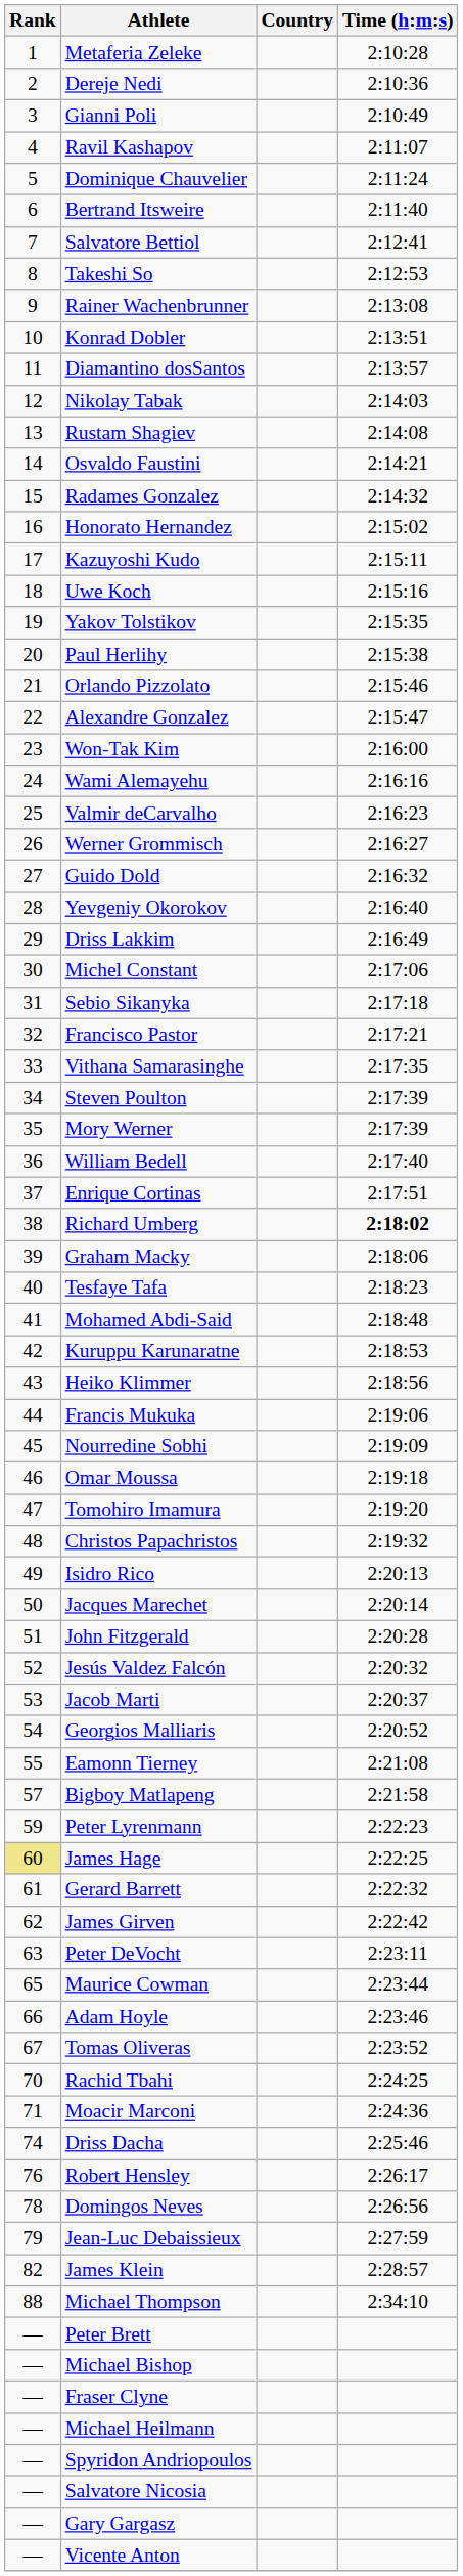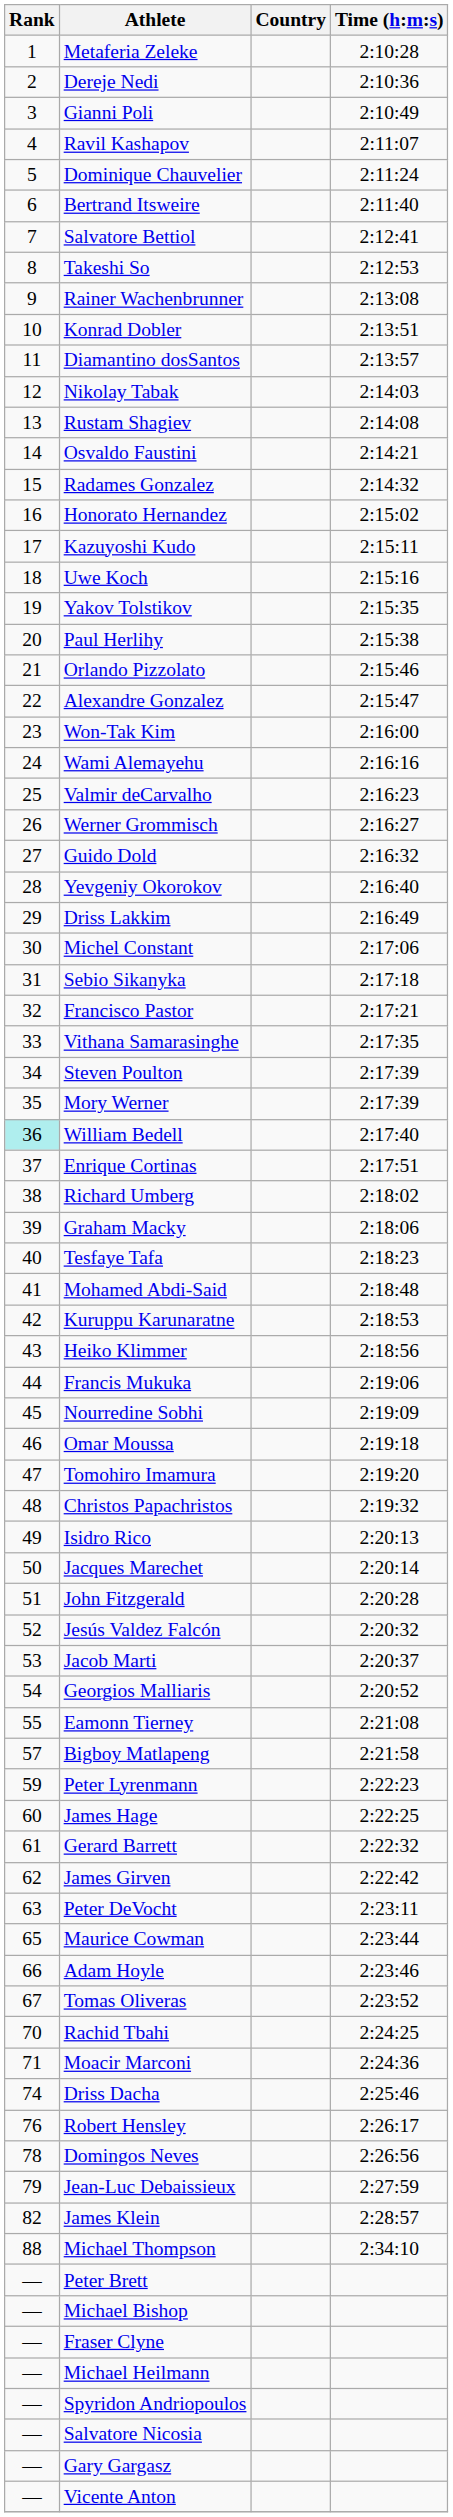 <table class="wikitable sortable" style="text-align:center;">
 <tr>
 <th>Rank</th>
 <th>Athlete</th>
 <th>Country</th>
 <th>Time (<a href='#'>h</a>:<a href='#'>m</a>:<a href='#'>s</a>)</th>
 </tr>
 <tr>
 <td>1</td>
 <td align=left><a href='#'>Metaferia Zeleke</a></td>
 <td align=left></td>
 <td>2:10:28</td>
 </tr>
 <tr>
 <td>2</td>
 <td align=left><a href='#'>Dereje Nedi</a></td>
 <td align=left></td>
 <td>2:10:36</td>
 </tr>
 <tr>
 <td>3</td>
 <td align=left><a href='#'>Gianni Poli</a></td>
 <td align=left></td>
 <td>2:10:49</td>
 </tr>
 <tr>
 <td>4</td>
 <td align=left><a href='#'>Ravil Kashapov</a></td>
 <td align=left></td>
 <td>2:11:07</td>
 </tr>
 <tr>
 <td>5</td>
 <td align=left><a href='#'>Dominique Chauvelier</a></td>
 <td align=left></td>
 <td>2:11:24</td>
 </tr>
 <tr>
 <td>6</td>
 <td align=left><a href='#'>Bertrand Itsweire</a></td>
 <td align=left></td>
 <td>2:11:40</td>
 </tr>
 <tr>
 <td>7</td>
 <td align=left><a href='#'>Salvatore Bettiol</a></td>
 <td align=left></td>
 <td>2:12:41</td>
 </tr>
 <tr>
 <td>8</td>
 <td align=left><a href='#'>Takeshi So</a></td>
 <td align=left></td>
 <td>2:12:53</td>
 </tr>
 <tr>
 <td>9</td>
 <td align=left><a href='#'>Rainer Wachenbrunner</a></td>
 <td align=left></td>
 <td>2:13:08</td>
 </tr>
 <tr>
 <td>10</td>
 <td align=left><a href='#'>Konrad Dobler</a></td>
 <td align=left></td>
 <td>2:13:51</td>
 </tr>
 <tr>
 <td>11</td>
 <td align=left><a href='#'>Diamantino dosSantos</a></td>
 <td align=left></td>
 <td>2:13:57</td>
 </tr>
 <tr>
 <td>12</td>
 <td align=left><a href='#'>Nikolay Tabak</a></td>
 <td align=left></td>
 <td>2:14:03</td>
 </tr>
 <tr>
 <td>13</td>
 <td align=left><a href='#'>Rustam Shagiev</a></td>
 <td align=left></td>
 <td>2:14:08</td>
 </tr>
 <tr>
 <td>14</td>
 <td align=left><a href='#'>Osvaldo Faustini</a></td>
 <td align=left></td>
 <td>2:14:21</td>
 </tr>
 <tr>
 <td>15</td>
 <td align=left><a href='#'>Radames Gonzalez</a></td>
 <td align=left></td>
 <td>2:14:32</td>
 </tr>
 <tr>
 <td>16</td>
 <td align=left><a href='#'>Honorato Hernandez</a></td>
 <td align=left></td>
 <td>2:15:02</td>
 </tr>
 <tr>
 <td>17</td>
 <td align=left><a href='#'>Kazuyoshi Kudo</a></td>
 <td align=left></td>
 <td>2:15:11</td>
 </tr>
 <tr>
 <td>18</td>
 <td align=left><a href='#'>Uwe Koch</a></td>
 <td align=left></td>
 <td>2:15:16</td>
 </tr>
 <tr>
 <td>19</td>
 <td align=left><a href='#'>Yakov Tolstikov</a></td>
 <td align=left></td>
 <td>2:15:35</td>
 </tr>
 <tr>
 <td>20</td>
 <td align=left><a href='#'>Paul Herlihy</a></td>
 <td align=left></td>
 <td>2:15:38</td>
 </tr>
 <tr>
 <td>21</td>
 <td align=left><a href='#'>Orlando Pizzolato</a></td>
 <td align=left></td>
 <td>2:15:46</td>
 </tr>
 <tr>
 <td>22</td>
 <td align=left><a href='#'>Alexandre Gonzalez</a></td>
 <td align=left></td>
 <td>2:15:47</td>
 </tr>
 <tr>
 <td>23</td>
 <td align=left><a href='#'>Won-Tak Kim</a></td>
 <td align=left></td>
 <td>2:16:00</td>
 </tr>
 <tr>
 <td>24</td>
 <td align=left><a href='#'>Wami Alemayehu</a></td>
 <td align=left></td>
 <td>2:16:16</td>
 </tr>
 <tr>
 <td>25</td>
 <td align=left><a href='#'>Valmir deCarvalho</a></td>
 <td align=left></td>
 <td>2:16:23</td>
 </tr>
 <tr>
 <td>26</td>
 <td align=left><a href='#'>Werner Grommisch</a></td>
 <td align=left></td>
 <td>2:16:27</td>
 </tr>
 <tr>
 <td>27</td>
 <td align=left><a href='#'>Guido Dold</a></td>
 <td align=left></td>
 <td>2:16:32</td>
 </tr>
 <tr>
 <td>28</td>
 <td align=left><a href='#'>Yevgeniy Okorokov</a></td>
 <td align=left></td>
 <td>2:16:40</td>
 </tr>
 <tr>
 <td>29</td>
 <td align=left><a href='#'>Driss Lakkim</a></td>
 <td align=left></td>
 <td>2:16:49</td>
 </tr>
 <tr>
 <td>30</td>
 <td align=left><a href='#'>Michel Constant</a></td>
 <td align=left></td>
 <td>2:17:06</td>
 </tr>
 <tr>
 <td>31</td>
 <td align=left><a href='#'>Sebio Sikanyka</a></td>
 <td align=left></td>
 <td>2:17:18</td>
 </tr>
 <tr>
 <td>32</td>
 <td align=left><a href='#'>Francisco Pastor</a></td>
 <td align=left></td>
 <td>2:17:21</td>
 </tr>
 <tr>
 <td>33</td>
 <td align=left><a href='#'>Vithana Samarasinghe</a></td>
 <td align=left></td>
 <td>2:17:35</td>
 </tr>
 <tr>
 <td>34</td>
 <td align=left><a href='#'>Steven Poulton</a></td>
 <td align=left></td>
 <td>2:17:39</td>
 </tr>
 <tr>
 <td>35</td>
 <td align=left><a href='#'>Mory Werner</a></td>
 <td align=left></td>
 <td>2:17:39</td>
 </tr>
 <tr>
-<td>36</td>
+<td style="background: paleturquoise;">36</td>
 <td align=left><a href='#'>William Bedell</a></td>
 <td align=left></td>
 <td>2:17:40</td>
 </tr>
 <tr>
 <td>37</td>
 <td align=left><a href='#'>Enrique Cortinas</a></td>
 <td align=left></td>
 <td>2:17:51</td>
 </tr>
 <tr>
 <td>38</td>
 <td align=left><a href='#'>Richard Umberg</a></td>
 <td align=left></td>
-<td><strong>2:18:02</strong></td>
+<td>2:18:02</td>
 </tr>
 <tr>
 <td>39</td>
 <td align=left><a href='#'>Graham Macky</a></td>
 <td align=left></td>
 <td>2:18:06</td>
 </tr>
 <tr>
 <td>40</td>
 <td align=left><a href='#'>Tesfaye Tafa</a></td>
 <td align=left></td>
 <td>2:18:23</td>
 </tr>
 <tr>
 <td>41</td>
 <td align=left><a href='#'>Mohamed Abdi-Said</a></td>
 <td align=left></td>
 <td>2:18:48</td>
 </tr>
 <tr>
 <td>42</td>
 <td align=left><a href='#'>Kuruppu Karunaratne</a></td>
 <td align=left></td>
 <td>2:18:53</td>
 </tr>
 <tr>
 <td>43</td>
 <td align=left><a href='#'>Heiko Klimmer</a></td>
 <td align=left></td>
 <td>2:18:56</td>
 </tr>
 <tr>
 <td>44</td>
 <td align=left><a href='#'>Francis Mukuka</a></td>
 <td align=left></td>
 <td>2:19:06</td>
 </tr>
 <tr>
 <td>45</td>
 <td align=left><a href='#'>Nourredine Sobhi</a></td>
 <td align=left></td>
 <td>2:19:09</td>
 </tr>
 <tr>
 <td>46</td>
 <td align=left><a href='#'>Omar Moussa</a></td>
 <td align=left></td>
 <td>2:19:18</td>
 </tr>
 <tr>
 <td>47</td>
 <td align=left><a href='#'>Tomohiro Imamura</a></td>
 <td align=left></td>
 <td>2:19:20</td>
 </tr>
 <tr>
 <td>48</td>
 <td align=left><a href='#'>Christos Papachristos</a></td>
 <td align=left></td>
 <td>2:19:32</td>
 </tr>
 <tr>
 <td>49</td>
 <td align=left><a href='#'>Isidro Rico</a></td>
 <td align=left></td>
 <td>2:20:13</td>
 </tr>
 <tr>
 <td>50</td>
 <td align=left><a href='#'>Jacques Marechet</a></td>
 <td align=left></td>
 <td>2:20:14</td>
 </tr>
 <tr>
 <td>51</td>
 <td align=left><a href='#'>John Fitzgerald</a></td>
 <td align=left></td>
 <td>2:20:28</td>
 </tr>
 <tr>
 <td>52</td>
 <td align=left><a href='#'>Jesús Valdez Falcón</a></td>
 <td align=left></td>
 <td>2:20:32</td>
 </tr>
 <tr>
 <td>53</td>
 <td align=left><a href='#'>Jacob Marti</a></td>
 <td align=left></td>
 <td>2:20:37</td>
 </tr>
 <tr>
 <td>54</td>
 <td align=left><a href='#'>Georgios Malliaris</a></td>
 <td align=left></td>
 <td>2:20:52</td>
 </tr>
 <tr>
 <td>55</td>
 <td align=left><a href='#'>Eamonn Tierney</a></td>
 <td align=left></td>
 <td>2:21:08</td>
 </tr>
 <tr>
 <td>57</td>
 <td align=left><a href='#'>Bigboy Matlapeng</a></td>
 <td align=left></td>
 <td>2:21:58</td>
 </tr>
 <tr>
 <td>59</td>
 <td align=left><a href='#'>Peter Lyrenmann</a></td>
 <td align=left></td>
 <td>2:22:23</td>
 </tr>
 <tr>
-<td style="background: khaki;">60</td>
+<td>60</td>
 <td align=left><a href='#'>James Hage</a></td>
 <td align=left></td>
 <td>2:22:25</td>
 </tr>
 <tr>
 <td>61</td>
 <td align=left><a href='#'>Gerard Barrett</a></td>
 <td align=left></td>
 <td>2:22:32</td>
 </tr>
 <tr>
 <td>62</td>
 <td align=left><a href='#'>James Girven</a></td>
 <td align=left></td>
 <td>2:22:42</td>
 </tr>
 <tr>
 <td>63</td>
 <td align=left><a href='#'>Peter DeVocht</a></td>
 <td align=left></td>
 <td>2:23:11</td>
 </tr>
 <tr>
 <td>65</td>
 <td align=left><a href='#'>Maurice Cowman</a></td>
 <td align=left></td>
 <td>2:23:44</td>
 </tr>
 <tr>
 <td>66</td>
 <td align=left><a href='#'>Adam Hoyle</a></td>
 <td align=left></td>
 <td>2:23:46</td>
 </tr>
 <tr>
 <td>67</td>
 <td align=left><a href='#'>Tomas Oliveras</a></td>
 <td align=left></td>
 <td>2:23:52</td>
 </tr>
 <tr>
 <td>70</td>
 <td align=left><a href='#'>Rachid Tbahi</a></td>
 <td align=left></td>
 <td>2:24:25</td>
 </tr>
 <tr>
 <td>71</td>
 <td align=left><a href='#'>Moacir Marconi</a></td>
 <td align=left></td>
 <td>2:24:36</td>
 </tr>
 <tr>
 <td>74</td>
 <td align=left><a href='#'>Driss Dacha</a></td>
 <td align=left></td>
 <td>2:25:46</td>
 </tr>
 <tr>
 <td>76</td>
 <td align=left><a href='#'>Robert Hensley</a></td>
 <td align=left></td>
 <td>2:26:17</td>
 </tr>
 <tr>
 <td>78</td>
 <td align=left><a href='#'>Domingos Neves</a></td>
 <td align=left></td>
 <td>2:26:56</td>
 </tr>
 <tr>
 <td>79</td>
 <td align=left><a href='#'>Jean-Luc Debaissieux</a></td>
 <td align=left></td>
 <td>2:27:59</td>
 </tr>
 <tr>
 <td>82</td>
 <td align=left><a href='#'>James Klein</a></td>
 <td align=left></td>
 <td>2:28:57</td>
 </tr>
 <tr>
 <td>88</td>
 <td align=left><a href='#'>Michael Thompson</a></td>
 <td align=left></td>
 <td>2:34:10</td>
 </tr>
 <tr>
 <td>—</td>
 <td align=left><a href='#'>Peter Brett</a></td>
 <td align=left></td>
 <td></td>
 </tr>
 <tr>
 <td>—</td>
 <td align=left><a href='#'>Michael Bishop</a></td>
 <td align=left></td>
 <td></td>
 </tr>
 <tr>
 <td>—</td>
 <td align=left><a href='#'>Fraser Clyne</a></td>
 <td align=left></td>
 <td></td>
 </tr>
 <tr>
 <td>—</td>
 <td align=left><a href='#'>Michael Heilmann</a></td>
 <td align=left></td>
 <td></td>
 </tr>
 <tr>
 <td>—</td>
 <td align=left><a href='#'>Spyridon Andriopoulos</a></td>
 <td align=left></td>
 <td></td>
 </tr>
 <tr>
 <td>—</td>
 <td align=left><a href='#'>Salvatore Nicosia</a></td>
 <td align=left></td>
 <td></td>
 </tr>
 <tr>
 <td>—</td>
 <td align=left><a href='#'>Gary Gargasz</a></td>
 <td align=left></td>
 <td></td>
 </tr>
 <tr>
 <td>—</td>
 <td align=left><a href='#'>Vicente Anton</a></td>
 <td align=left></td>
 <td></td>
 </tr>
 <tr>
 </tr>
 </table>
